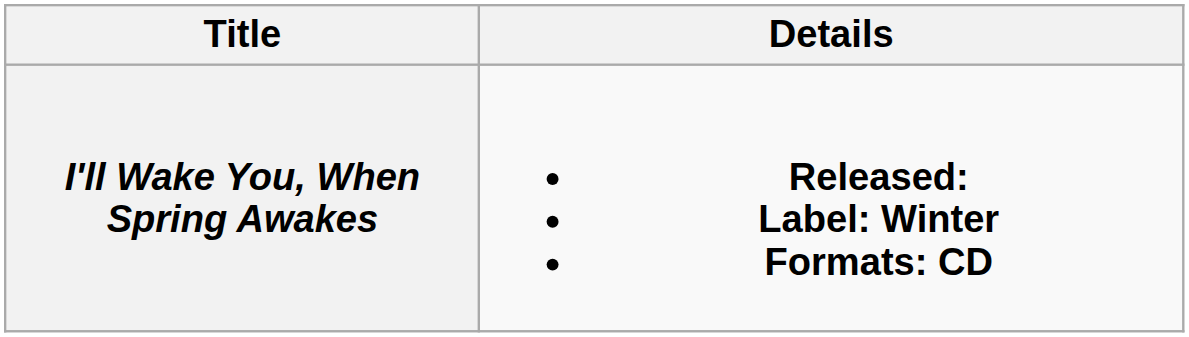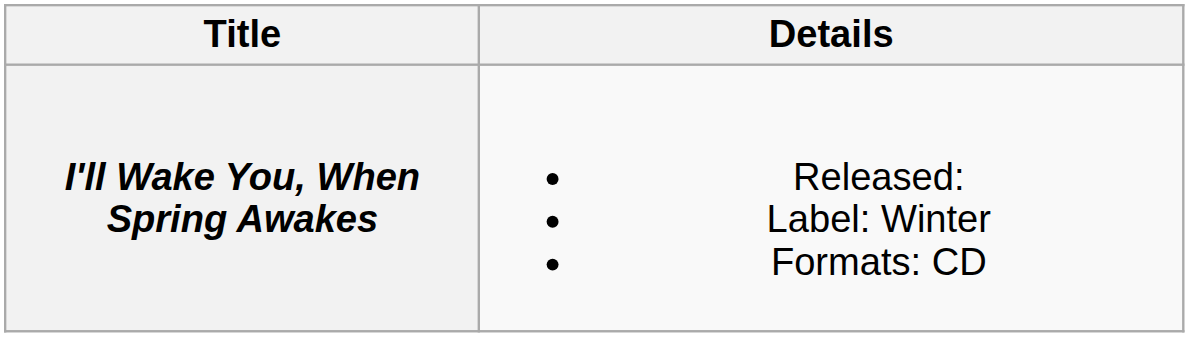 <table class="wikitable plainrowheaders" style="text-align:center;">
 <tr>
 <th scope="col" style="width:12em;">Title</th>
 <th scope="col" style="width:18em;">Details</th>
 </tr>
 <tr>
 <th scope="row"><em>I'll Wake You, When Spring Awakes</em></th>
-<td><strong><br><ul><li>Released: </li><li>Label: Winter</li><li>Formats: CD</li></ul></strong></td>
+<td><br><ul><li>Released: </li><li>Label: Winter</li><li>Formats: CD</li></ul></td>
 </tr>
 </table>
